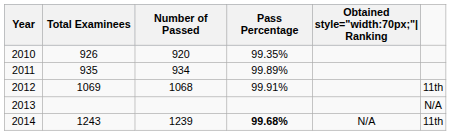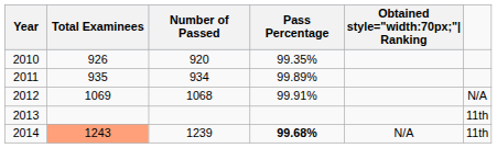 <table class="wikitable">
 <tr style="background:#B0C4DE;">
 <th style="width:50px;">Year</th>
 <th style="width:130px;">Total Examinees</th>
 <th style="width:130px;">Number of Passed</th>
 <th style="width:120px;">Pass Percentage</th>
 <th style="width:120px;">Obtained style="width:70px;"| Ranking</th>
 </tr>
 <tr>
 <td style="text-align:center">2010</td>
 <td style="text-align:center">926</td>
 <td style="text-align:center">920</td>
 <td style="text-align:center">99.35%</td>
 <td style="text-align:center"></td>
 <td style="text-align:center"></td>
 </tr>
 <tr>
 <td style="text-align:center">2011</td>
 <td style="text-align:center">935</td>
 <td style="text-align:center">934</td>
 <td style="text-align:center">99.89%</td>
 <td style="text-align:center"></td>
 <td style="text-align:center"></td>
 </tr>
 <tr>
 <td style="text-align:center">2012</td>
 <td style="text-align:center">1069</td>
 <td style="text-align:center">1068</td>
 <td style="text-align:center">99.91%</td>
 <td style="text-align:center"></td>
-<td style="text-align:center">11th</td>
+<td style="text-align:center">N/A</td>
 </tr>
 <tr>
 <td style="text-align:center">2013</td>
 <td style="text-align:center"></td>
 <td style="text-align:center"></td>
 <td style="text-align:center"></td>
 <td style="text-align:center"></td>
-<td style="text-align:center">N/A</td>
+<td style="text-align:center">11th</td>
 </tr>
 <tr>
 <td style="text-align:center">2014</td>
-<td style="text-align:center">1243</td>
+<td style="background: lightsalmon; text-align:center">1243</td>
 <td style="text-align:center">1239</td>
 <td style="text-align:center"><strong>99.68%</strong></td>
 <td style="text-align:center">N/A</td>
 <td style="text-align:center">11th</td>
 </tr>
 </table>
